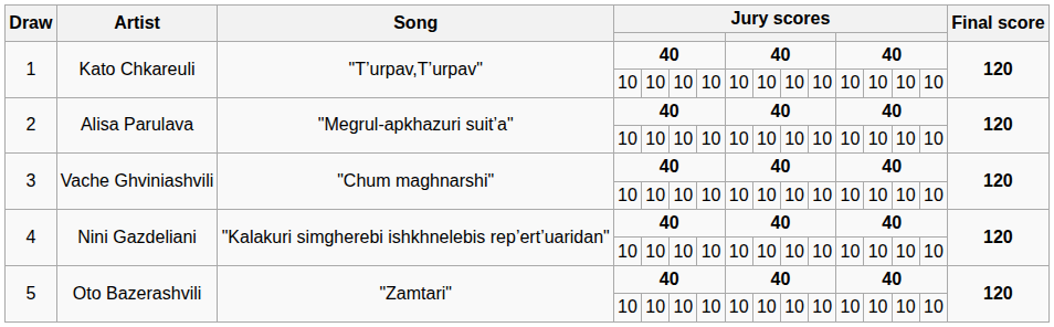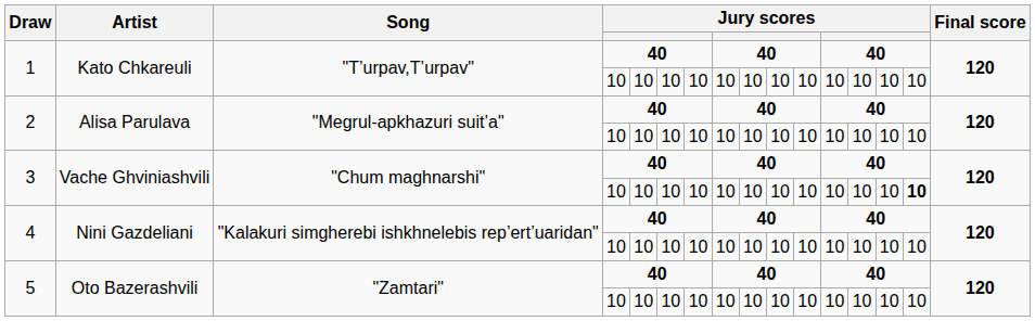 <table class="sortable wikitable" style="text-align:center;margin:1em auto 1em auto">
 <tr>
 <th rowspan="2" scope="col">Draw</th>
 <th rowspan="2" scope="col">Artist</th>
 <th rowspan="2" scope="col">Song</th>
 <th colspan="12" scope="col">Jury scores</th>
 <th rowspan="2" scope="col">Final score</th>
 </tr>
 <tr>
 <th colspan="4" class="unsortable" scope="col"><small></small></th>
 <th colspan="4" class="unsortable" scope="col"><small></small></th>
 <th colspan="4" class="unsortable" scope="col"><small></small></th>
 </tr>
 <tr>
 <td rowspan="2">1</td>
 <td rowspan="2">Kato Chkareuli</td>
 <td rowspan="2">"T’urpav,T’urpav"<br></td>
 <td colspan="4"><strong>40</strong></td>
 <td colspan="4"><strong>40</strong></td>
 <td colspan="4"><strong>40</strong></td>
 <td rowspan="2"><strong>120</strong></td>
 </tr>
 <tr>
 <td>10</td>
 <td>10</td>
 <td>10</td>
 <td>10</td>
 <td>10</td>
 <td>10</td>
 <td>10</td>
 <td>10</td>
 <td>10</td>
 <td>10</td>
 <td>10</td>
 <td>10</td>
 </tr>
 <tr>
 <td rowspan="2">2</td>
 <td rowspan="2">Alisa Parulava</td>
 <td rowspan="2">"Megrul-apkhazuri suit’a"<br></td>
 <td colspan="4"><strong>40</strong></td>
 <td colspan="4"><strong>40</strong></td>
 <td colspan="4"><strong>40</strong></td>
 <td rowspan="2"><strong>120</strong></td>
 </tr>
 <tr>
 <td>10</td>
 <td>10</td>
 <td>10</td>
 <td>10</td>
 <td>10</td>
 <td>10</td>
 <td>10</td>
 <td>10</td>
 <td>10</td>
 <td>10</td>
 <td>10</td>
 <td>10</td>
 </tr>
 <tr>
 <td rowspan="2">3</td>
 <td rowspan="2">Vache Ghviniashvili</td>
 <td rowspan="2">"Chum maghnarshi"<br></td>
 <td colspan="4"><strong>40</strong></td>
 <td colspan="4"><strong>40</strong></td>
 <td colspan="4"><strong>40</strong></td>
 <td rowspan="2"><strong>120</strong></td>
 </tr>
 <tr>
 <td>10</td>
 <td>10</td>
 <td>10</td>
 <td>10</td>
 <td>10</td>
 <td>10</td>
 <td>10</td>
 <td>10</td>
 <td>10</td>
 <td>10</td>
 <td>10</td>
-<td>10</td>
+<td><strong>10</strong></td>
 </tr>
 <tr>
 <td rowspan="2">4</td>
 <td rowspan="2">Nini Gazdeliani</td>
 <td rowspan="2">"Kalakuri simgherebi ishkhnelebis rep’ert’uaridan"<br></td>
 <td colspan="4"><strong>40</strong></td>
 <td colspan="4"><strong>40</strong></td>
 <td colspan="4"><strong>40</strong></td>
 <td rowspan="2"><strong>120</strong></td>
 </tr>
 <tr>
 <td>10</td>
 <td>10</td>
 <td>10</td>
 <td>10</td>
 <td>10</td>
 <td>10</td>
 <td>10</td>
 <td>10</td>
 <td>10</td>
 <td>10</td>
 <td>10</td>
 <td>10</td>
 </tr>
 <tr>
 <td rowspan="2">5</td>
 <td rowspan="2">Oto Bazerashvili</td>
 <td rowspan="2">"Zamtari"<br></td>
 <td colspan="4"><strong>40</strong></td>
 <td colspan="4"><strong>40</strong></td>
 <td colspan="4"><strong>40</strong></td>
 <td rowspan="2"><strong>120</strong></td>
 </tr>
 <tr>
 <td>10</td>
 <td>10</td>
 <td>10</td>
 <td>10</td>
 <td>10</td>
 <td>10</td>
 <td>10</td>
 <td>10</td>
 <td>10</td>
 <td>10</td>
 <td>10</td>
 <td>10</td>
 </tr>
 </table>
